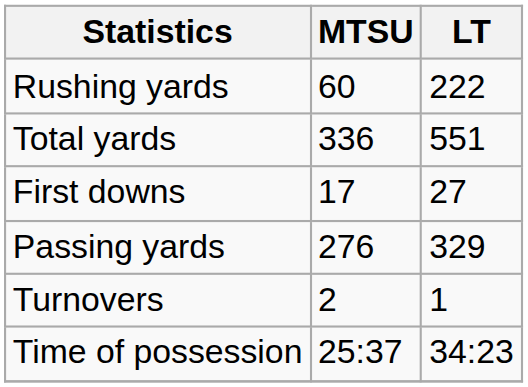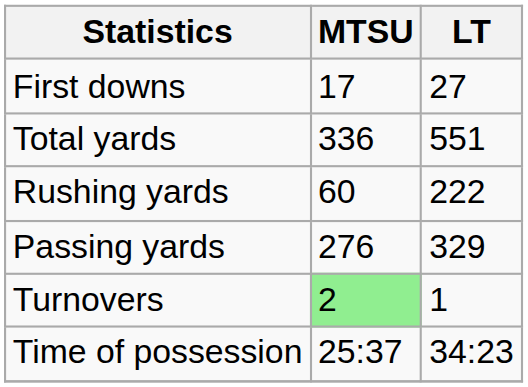 <table class="wikitable" style="float: left;">
 <tr>
 <th>Statistics</th>
 <th>MTSU</th>
 <th>LT</th>
 </tr>
 <tr>
-<td>Rushing yards</td>
-<td>60</td>
-<td>222</td>
+<td>First downs</td>
+<td>17</td>
+<td>27</td>
 </tr>
 <tr>
 <td>Total yards</td>
 <td>336</td>
 <td>551</td>
 </tr>
 <tr>
-<td>First downs</td>
-<td>17</td>
-<td>27</td>
+<td>Rushing yards</td>
+<td>60</td>
+<td>222</td>
 </tr>
 <tr>
 <td>Passing yards</td>
 <td>276</td>
 <td>329</td>
 </tr>
 <tr>
 <td>Turnovers</td>
-<td>2</td>
+<td style="background: lightgreen;">2</td>
 <td>1</td>
 </tr>
 <tr>
 <td>Time of possession</td>
 <td>25:37</td>
 <td>34:23</td>
 </tr>
 <tr>
 </tr>
 </table>
